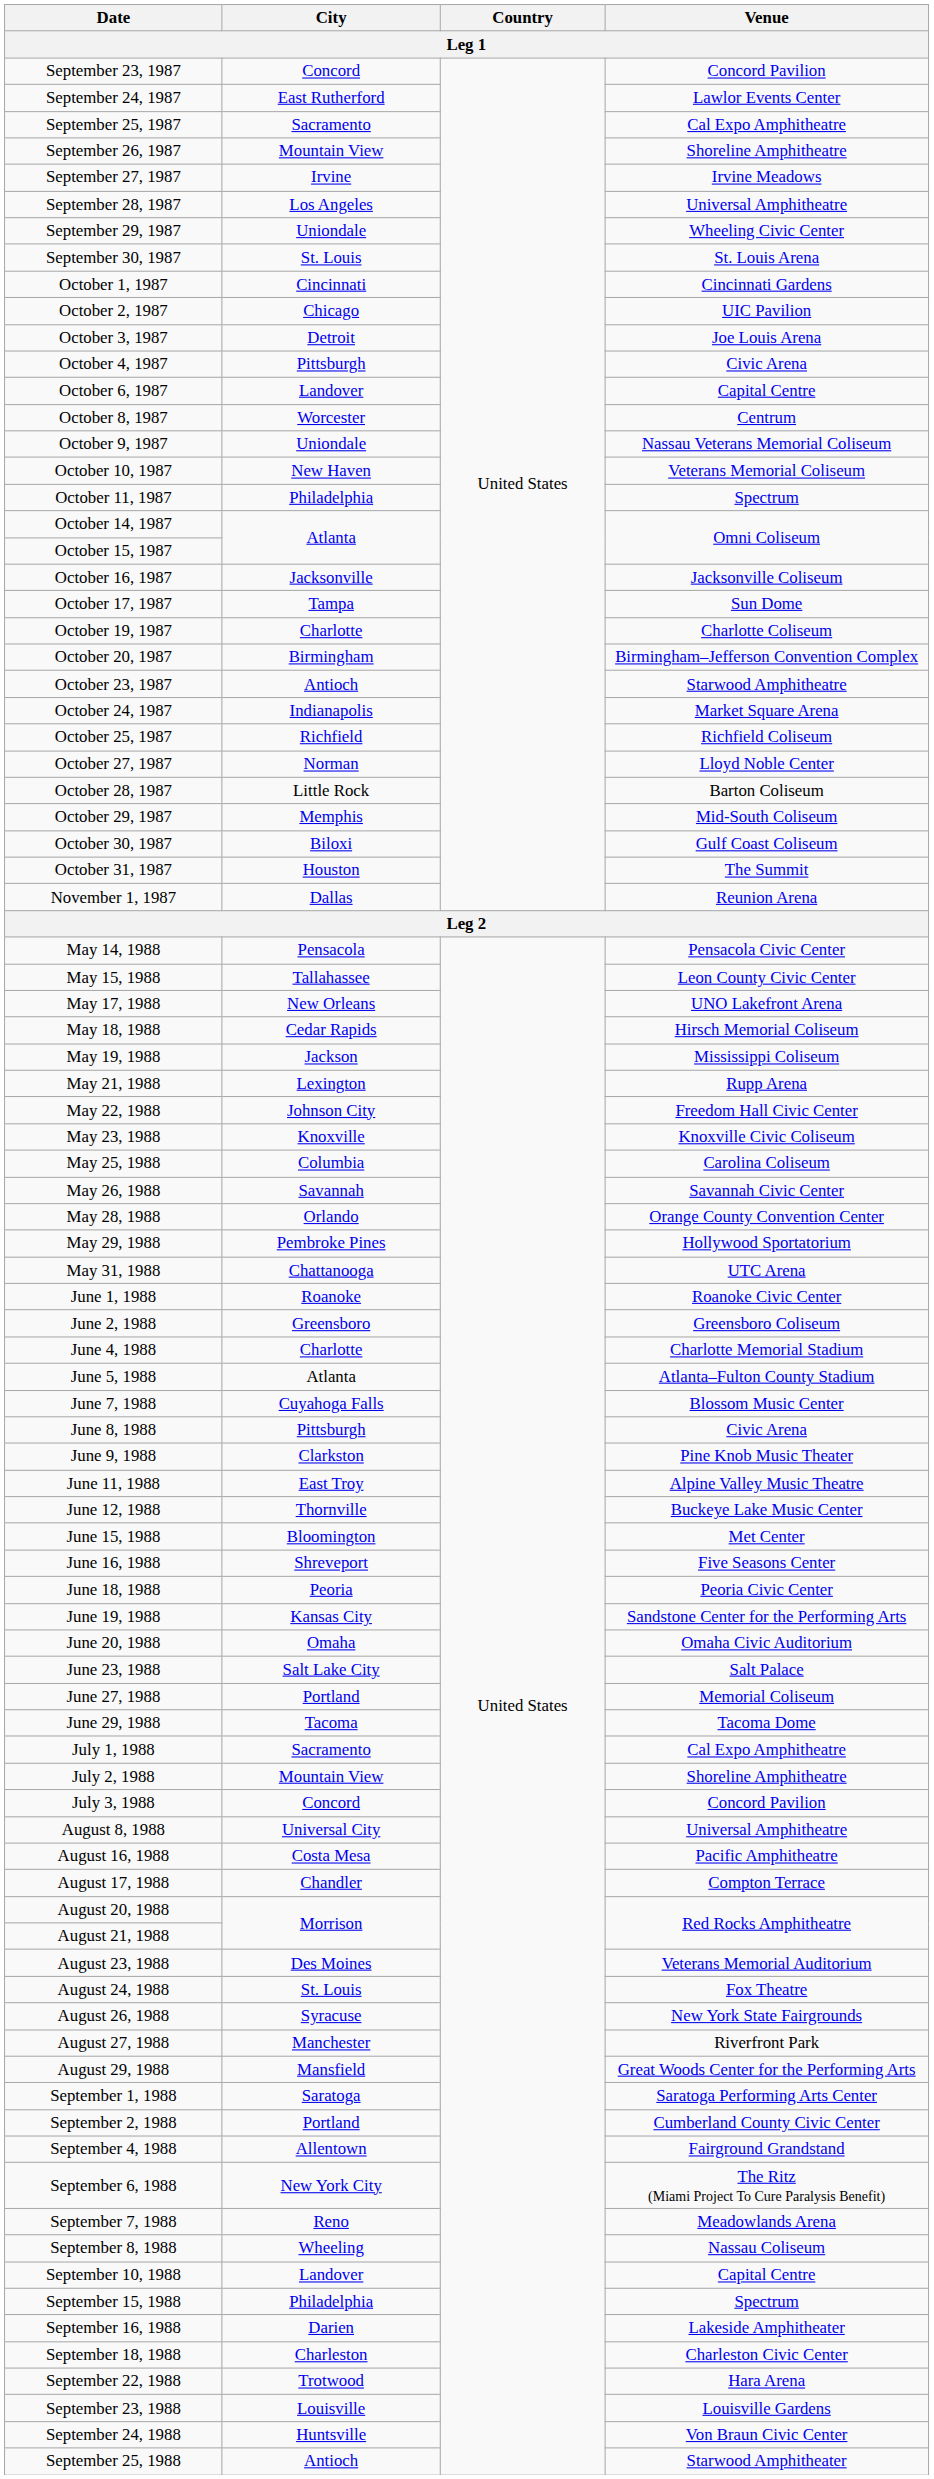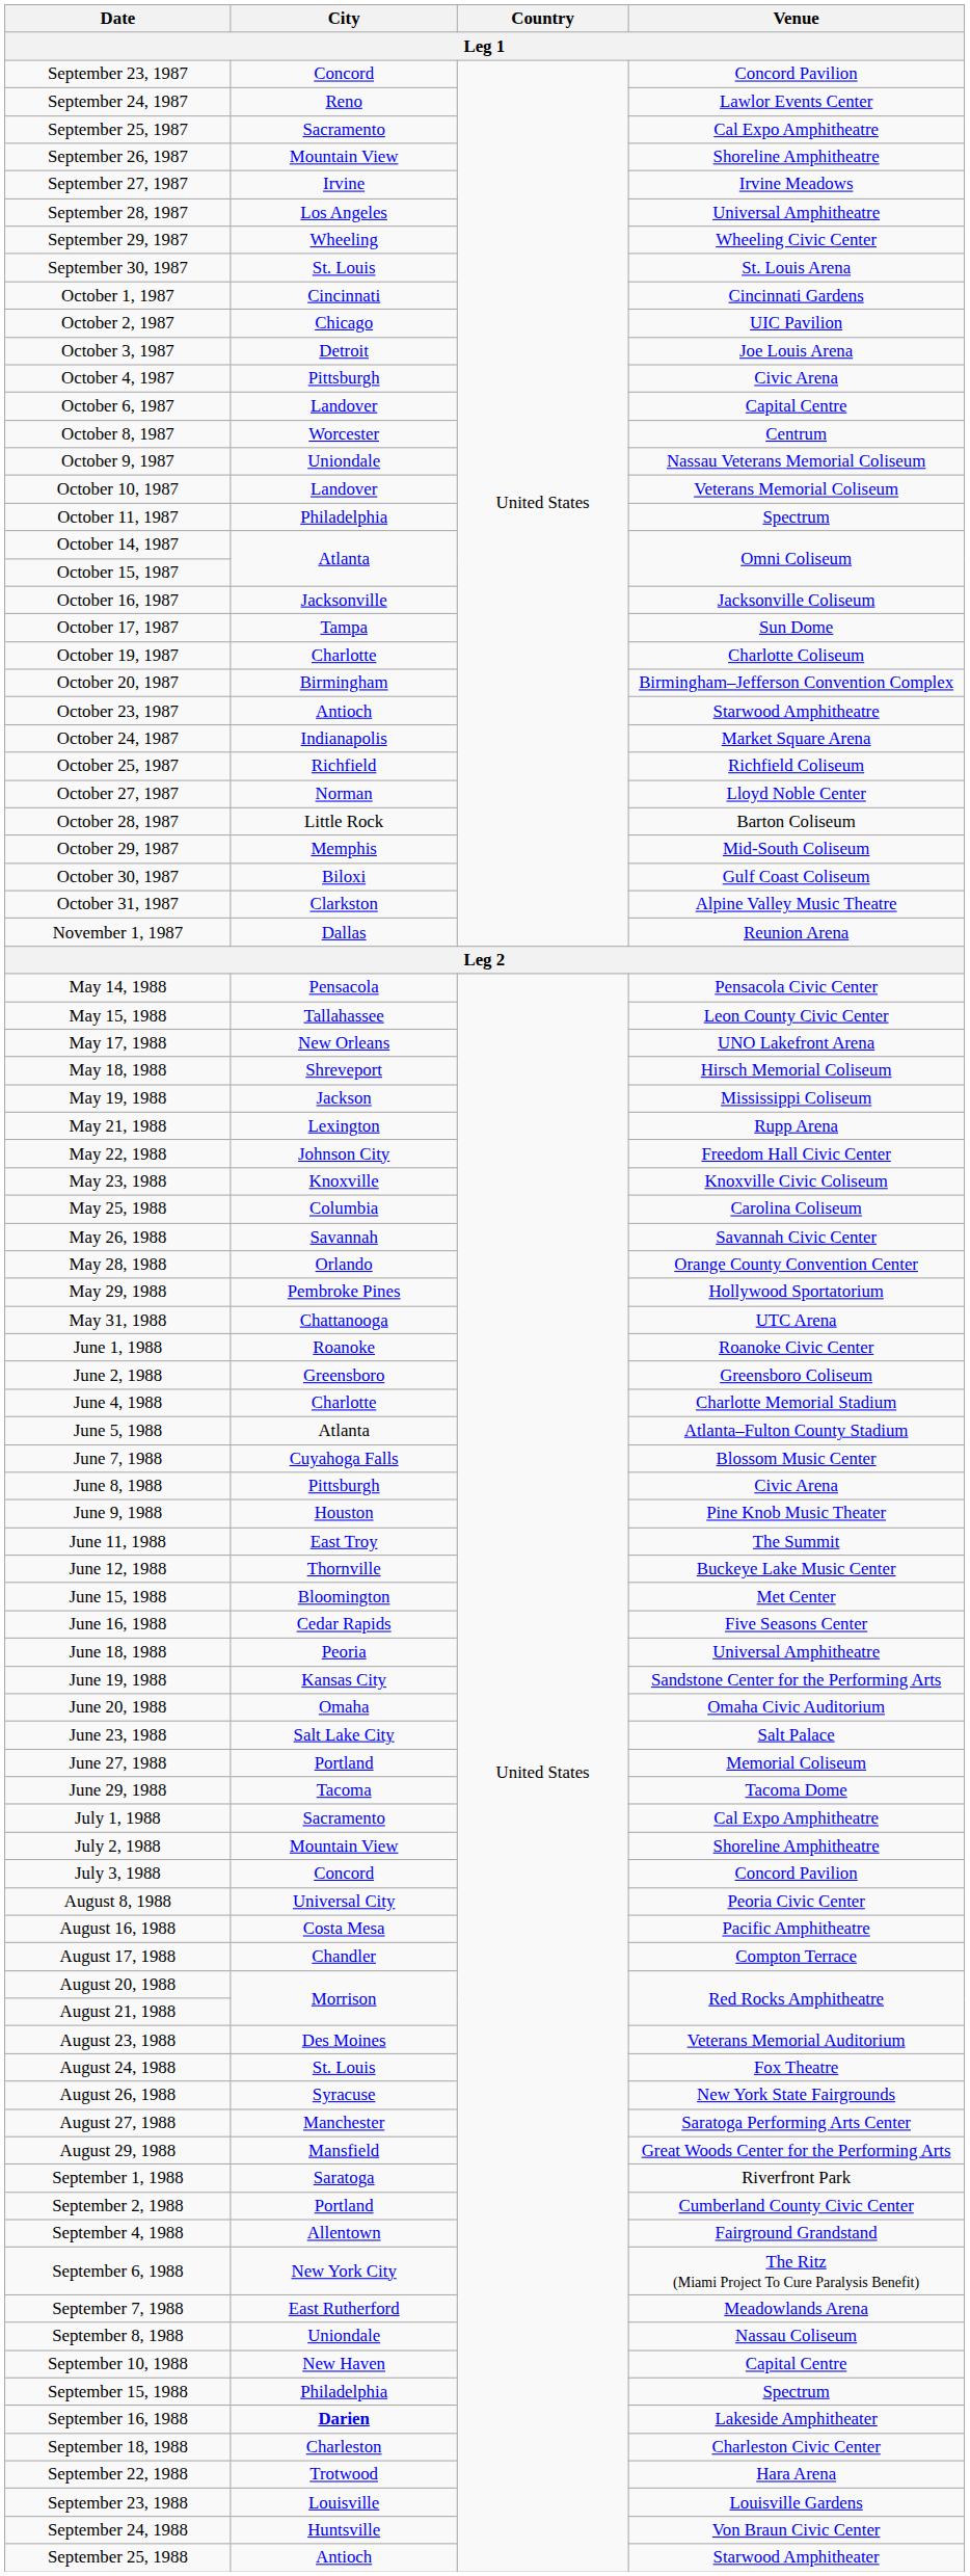 <table class="wikitable" style="text-align:center;">
 <tr>
 <th width="200">Date</th>
 <th width="200">City</th>
 <th width="150">Country</th>
 <th width="300">Venue</th>
 </tr>
 <tr>
 <th colspan="4">Leg 1</th>
 </tr>
 <tr>
 <td>September 23, 1987</td>
 <td><a href='#'>Concord</a></td>
 <td rowspan="32">United States</td>
 <td><a href='#'>Concord Pavilion</a></td>
 </tr>
 <tr>
 <td>September 24, 1987</td>
-<td><a href='#'>East Rutherford</a></td>
+<td><a href='#'>Reno</a></td>
 <td><a href='#'>Lawlor Events Center</a></td>
 </tr>
 <tr>
 <td>September 25, 1987</td>
 <td><a href='#'>Sacramento</a></td>
 <td><a href='#'>Cal Expo Amphitheatre</a></td>
 </tr>
 <tr>
 <td>September 26, 1987</td>
 <td><a href='#'>Mountain View</a></td>
 <td><a href='#'>Shoreline Amphitheatre</a></td>
 </tr>
 <tr>
 <td>September 27, 1987</td>
 <td><a href='#'>Irvine</a></td>
 <td><a href='#'>Irvine Meadows</a></td>
 </tr>
 <tr>
 <td>September 28, 1987</td>
 <td><a href='#'>Los Angeles</a></td>
 <td><a href='#'>Universal Amphitheatre</a></td>
 </tr>
 <tr>
 <td>September 29, 1987</td>
-<td><a href='#'>Uniondale</a></td>
+<td><a href='#'>Wheeling</a></td>
 <td><a href='#'>Wheeling Civic Center</a></td>
 </tr>
 <tr>
 <td>September 30, 1987</td>
 <td><a href='#'>St. Louis</a></td>
 <td><a href='#'>St. Louis Arena</a></td>
 </tr>
 <tr>
 <td>October 1, 1987</td>
 <td><a href='#'>Cincinnati</a></td>
 <td><a href='#'>Cincinnati Gardens</a></td>
 </tr>
 <tr>
 <td>October 2, 1987</td>
 <td><a href='#'>Chicago</a></td>
 <td><a href='#'>UIC Pavilion</a></td>
 </tr>
 <tr>
 <td>October 3, 1987</td>
 <td><a href='#'>Detroit</a></td>
 <td><a href='#'>Joe Louis Arena</a></td>
 </tr>
 <tr>
 <td>October 4, 1987</td>
 <td><a href='#'>Pittsburgh</a></td>
 <td><a href='#'>Civic Arena</a></td>
 </tr>
 <tr>
 <td>October 6, 1987</td>
 <td><a href='#'>Landover</a></td>
 <td><a href='#'>Capital Centre</a></td>
 </tr>
 <tr>
 <td>October 8, 1987</td>
 <td><a href='#'>Worcester</a></td>
 <td><a href='#'>Centrum</a></td>
 </tr>
 <tr>
 <td>October 9, 1987</td>
 <td><a href='#'>Uniondale</a></td>
 <td><a href='#'>Nassau Veterans Memorial Coliseum</a></td>
 </tr>
 <tr>
 <td>October 10, 1987</td>
-<td><a href='#'>New Haven</a></td>
+<td><a href='#'>Landover</a></td>
 <td><a href='#'>Veterans Memorial Coliseum</a></td>
 </tr>
 <tr>
 <td>October 11, 1987</td>
 <td><a href='#'>Philadelphia</a></td>
 <td><a href='#'>Spectrum</a></td>
 </tr>
 <tr>
 <td>October 14, 1987</td>
 <td rowspan="2"><a href='#'>Atlanta</a></td>
 <td rowspan="2"><a href='#'>Omni Coliseum</a></td>
 </tr>
 <tr>
 <td>October 15, 1987</td>
 </tr>
 <tr>
 <td>October 16, 1987</td>
 <td><a href='#'>Jacksonville</a></td>
 <td><a href='#'>Jacksonville Coliseum</a></td>
 </tr>
 <tr>
 <td>October 17, 1987</td>
 <td><a href='#'>Tampa</a></td>
 <td><a href='#'>Sun Dome</a></td>
 </tr>
 <tr>
 <td>October 19, 1987</td>
 <td><a href='#'>Charlotte</a></td>
 <td><a href='#'>Charlotte Coliseum</a></td>
 </tr>
 <tr>
 <td>October 20, 1987</td>
 <td><a href='#'>Birmingham</a></td>
 <td><a href='#'>Birmingham–Jefferson Convention Complex</a></td>
 </tr>
 <tr>
 <td>October 23, 1987</td>
 <td><a href='#'>Antioch</a></td>
 <td><a href='#'>Starwood Amphitheatre</a></td>
 </tr>
 <tr>
 <td>October 24, 1987</td>
 <td><a href='#'>Indianapolis</a></td>
 <td><a href='#'>Market Square Arena</a></td>
 </tr>
 <tr>
 <td>October 25, 1987</td>
 <td><a href='#'>Richfield</a></td>
 <td><a href='#'>Richfield Coliseum</a></td>
 </tr>
 <tr>
 <td>October 27, 1987</td>
 <td><a href='#'>Norman</a></td>
 <td><a href='#'>Lloyd Noble Center</a></td>
 </tr>
 <tr>
 <td>October 28, 1987</td>
 <td>Little Rock</td>
 <td>Barton Coliseum</td>
 </tr>
 <tr>
 <td>October 29, 1987</td>
 <td><a href='#'>Memphis</a></td>
 <td><a href='#'>Mid-South Coliseum</a></td>
 </tr>
 <tr>
 <td>October 30, 1987</td>
 <td><a href='#'>Biloxi</a></td>
 <td><a href='#'>Gulf Coast Coliseum</a></td>
 </tr>
 <tr>
 <td>October 31, 1987</td>
-<td><a href='#'>Houston</a></td>
-<td><a href='#'>The Summit</a></td>
+<td><a href='#'>Clarkston</a></td>
+<td><a href='#'>Alpine Valley Music Theatre</a></td>
 </tr>
 <tr>
 <td>November 1, 1987</td>
 <td><a href='#'>Dallas</a></td>
 <td><a href='#'>Reunion Arena</a></td>
 </tr>
 <tr>
 <th colspan="4">Leg 2</th>
 </tr>
 <tr>
 <td>May 14, 1988</td>
 <td><a href='#'>Pensacola</a></td>
 <td rowspan="57">United States</td>
 <td><a href='#'>Pensacola Civic Center</a></td>
 </tr>
 <tr>
 <td>May 15, 1988</td>
 <td><a href='#'>Tallahassee</a></td>
 <td><a href='#'>Leon County Civic Center</a></td>
 </tr>
 <tr>
 <td>May 17, 1988</td>
 <td><a href='#'>New Orleans</a></td>
 <td><a href='#'>UNO Lakefront Arena</a></td>
 </tr>
 <tr>
 <td>May 18, 1988</td>
-<td><a href='#'>Cedar Rapids</a></td>
+<td><a href='#'>Shreveport</a></td>
 <td><a href='#'>Hirsch Memorial Coliseum</a></td>
 </tr>
 <tr>
 <td>May 19, 1988</td>
 <td><a href='#'>Jackson</a></td>
 <td><a href='#'>Mississippi Coliseum</a></td>
 </tr>
 <tr>
 <td>May 21, 1988</td>
 <td><a href='#'>Lexington</a></td>
 <td><a href='#'>Rupp Arena</a></td>
 </tr>
 <tr>
 <td>May 22, 1988</td>
 <td><a href='#'>Johnson City</a></td>
 <td><a href='#'>Freedom Hall Civic Center</a></td>
 </tr>
 <tr>
 <td>May 23, 1988</td>
 <td><a href='#'>Knoxville</a></td>
 <td><a href='#'>Knoxville Civic Coliseum</a></td>
 </tr>
 <tr>
 <td>May 25, 1988</td>
 <td><a href='#'>Columbia</a></td>
 <td><a href='#'>Carolina Coliseum</a></td>
 </tr>
 <tr>
 <td>May 26, 1988</td>
 <td><a href='#'>Savannah</a></td>
 <td><a href='#'>Savannah Civic Center</a></td>
 </tr>
 <tr>
 <td>May 28, 1988</td>
 <td><a href='#'>Orlando</a></td>
 <td><a href='#'>Orange County Convention Center</a></td>
 </tr>
 <tr>
 <td>May 29, 1988</td>
 <td><a href='#'>Pembroke Pines</a></td>
 <td><a href='#'>Hollywood Sportatorium</a></td>
 </tr>
 <tr>
 <td>May 31, 1988</td>
 <td><a href='#'>Chattanooga</a></td>
 <td><a href='#'>UTC Arena</a></td>
 </tr>
 <tr>
 <td>June 1, 1988</td>
 <td><a href='#'>Roanoke</a></td>
 <td><a href='#'>Roanoke Civic Center</a></td>
 </tr>
 <tr>
 <td>June 2, 1988</td>
 <td><a href='#'>Greensboro</a></td>
 <td><a href='#'>Greensboro Coliseum</a></td>
 </tr>
 <tr>
 <td>June 4, 1988</td>
 <td><a href='#'>Charlotte</a></td>
 <td><a href='#'>Charlotte Memorial Stadium</a></td>
 </tr>
 <tr>
 <td>June 5, 1988</td>
 <td>Atlanta</td>
 <td><a href='#'>Atlanta–Fulton County Stadium</a></td>
 </tr>
 <tr>
 <td>June 7, 1988</td>
 <td><a href='#'>Cuyahoga Falls</a></td>
 <td><a href='#'>Blossom Music Center</a></td>
 </tr>
 <tr>
 <td>June 8, 1988</td>
 <td><a href='#'>Pittsburgh</a></td>
 <td><a href='#'>Civic Arena</a></td>
 </tr>
 <tr>
 <td>June 9, 1988</td>
-<td><a href='#'>Clarkston</a></td>
+<td><a href='#'>Houston</a></td>
 <td><a href='#'>Pine Knob Music Theater</a></td>
 </tr>
 <tr>
 <td>June 11, 1988</td>
 <td><a href='#'>East Troy</a></td>
-<td><a href='#'>Alpine Valley Music Theatre</a></td>
+<td><a href='#'>The Summit</a></td>
 </tr>
 <tr>
 <td>June 12, 1988</td>
 <td><a href='#'>Thornville</a></td>
 <td><a href='#'>Buckeye Lake Music Center</a></td>
 </tr>
 <tr>
 <td>June 15, 1988</td>
 <td><a href='#'>Bloomington</a></td>
 <td><a href='#'>Met Center</a></td>
 </tr>
 <tr>
 <td>June 16, 1988</td>
-<td><a href='#'>Shreveport</a></td>
+<td><a href='#'>Cedar Rapids</a></td>
 <td><a href='#'>Five Seasons Center</a></td>
 </tr>
 <tr>
 <td>June 18, 1988</td>
 <td><a href='#'>Peoria</a></td>
-<td><a href='#'>Peoria Civic Center</a></td>
+<td><a href='#'>Universal Amphitheatre</a></td>
 </tr>
 <tr>
 <td>June 19, 1988</td>
 <td><a href='#'>Kansas City</a></td>
 <td><a href='#'>Sandstone Center for the Performing Arts</a></td>
 </tr>
 <tr>
 <td>June 20, 1988</td>
 <td><a href='#'>Omaha</a></td>
 <td><a href='#'>Omaha Civic Auditorium</a></td>
 </tr>
 <tr>
 <td>June 23, 1988</td>
 <td><a href='#'>Salt Lake City</a></td>
 <td><a href='#'>Salt Palace</a></td>
 </tr>
 <tr>
 <td>June 27, 1988</td>
 <td><a href='#'>Portland</a></td>
 <td><a href='#'>Memorial Coliseum</a></td>
 </tr>
 <tr>
 <td>June 29, 1988</td>
 <td><a href='#'>Tacoma</a></td>
 <td><a href='#'>Tacoma Dome</a></td>
 </tr>
 <tr>
 <td>July 1, 1988</td>
 <td><a href='#'>Sacramento</a></td>
 <td><a href='#'>Cal Expo Amphitheatre</a></td>
 </tr>
 <tr>
 <td>July 2, 1988</td>
 <td><a href='#'>Mountain View</a></td>
 <td><a href='#'>Shoreline Amphitheatre</a></td>
 </tr>
 <tr>
 <td>July 3, 1988</td>
 <td><a href='#'>Concord</a></td>
 <td><a href='#'>Concord Pavilion</a></td>
 </tr>
 <tr>
 <td>August 8, 1988</td>
 <td><a href='#'>Universal City</a></td>
-<td><a href='#'>Universal Amphitheatre</a></td>
+<td><a href='#'>Peoria Civic Center</a></td>
 </tr>
 <tr>
 <td>August 16, 1988</td>
 <td><a href='#'>Costa Mesa</a></td>
 <td><a href='#'>Pacific Amphitheatre</a></td>
 </tr>
 <tr>
 <td>August 17, 1988</td>
 <td><a href='#'>Chandler</a></td>
 <td><a href='#'>Compton Terrace</a></td>
 </tr>
 <tr>
 <td>August 20, 1988</td>
 <td rowspan="2"><a href='#'>Morrison</a></td>
 <td rowspan="2"><a href='#'>Red Rocks Amphitheatre</a></td>
 </tr>
 <tr>
 <td>August 21, 1988</td>
 </tr>
 <tr>
 <td>August 23, 1988</td>
 <td><a href='#'>Des Moines</a></td>
 <td><a href='#'>Veterans Memorial Auditorium</a></td>
 </tr>
 <tr>
 <td>August 24, 1988</td>
 <td><a href='#'>St. Louis</a></td>
 <td><a href='#'>Fox Theatre</a></td>
 </tr>
 <tr>
 <td>August 26, 1988</td>
 <td><a href='#'>Syracuse</a></td>
 <td><a href='#'>New York State Fairgrounds</a></td>
 </tr>
 <tr>
 <td>August 27, 1988</td>
 <td><a href='#'>Manchester</a></td>
-<td>Riverfront Park</td>
+<td><a href='#'>Saratoga Performing Arts Center</a></td>
 </tr>
 <tr>
 <td>August 29, 1988</td>
 <td><a href='#'>Mansfield</a></td>
 <td><a href='#'>Great Woods Center for the Performing Arts</a></td>
 </tr>
 <tr>
 <td>September 1, 1988</td>
 <td><a href='#'>Saratoga</a></td>
-<td><a href='#'>Saratoga Performing Arts Center</a></td>
+<td>Riverfront Park</td>
 </tr>
 <tr>
 <td>September 2, 1988</td>
 <td><a href='#'>Portland</a></td>
 <td><a href='#'>Cumberland County Civic Center</a></td>
 </tr>
 <tr>
 <td>September 4, 1988</td>
 <td><a href='#'>Allentown</a></td>
 <td><a href='#'>Fairground Grandstand</a></td>
 </tr>
 <tr>
 <td>September 6, 1988</td>
 <td><a href='#'>New York City</a></td>
 <td><a href='#'>The Ritz</a> <br><small>(Miami Project To Cure Paralysis Benefit)</small></td>
 </tr>
 <tr>
 <td>September 7, 1988</td>
-<td><a href='#'>Reno</a></td>
+<td><a href='#'>East Rutherford</a></td>
 <td><a href='#'>Meadowlands Arena</a></td>
 </tr>
 <tr>
 <td>September 8, 1988</td>
-<td><a href='#'>Wheeling</a></td>
+<td><a href='#'>Uniondale</a></td>
 <td><a href='#'>Nassau Coliseum</a></td>
 </tr>
 <tr>
 <td>September 10, 1988</td>
-<td><a href='#'>Landover</a></td>
+<td><a href='#'>New Haven</a></td>
 <td><a href='#'>Capital Centre</a></td>
 </tr>
 <tr>
 <td>September 15, 1988</td>
 <td><a href='#'>Philadelphia</a></td>
 <td><a href='#'>Spectrum</a></td>
 </tr>
 <tr>
 <td>September 16, 1988</td>
-<td><a href='#'>Darien</a></td>
+<td><strong><a href='#'>Darien</a></strong></td>
 <td><a href='#'>Lakeside Amphitheater</a></td>
 </tr>
 <tr>
 <td>September 18, 1988</td>
 <td><a href='#'>Charleston</a></td>
 <td><a href='#'>Charleston Civic Center</a></td>
 </tr>
 <tr>
 <td>September 22, 1988</td>
 <td><a href='#'>Trotwood</a></td>
 <td><a href='#'>Hara Arena</a></td>
 </tr>
 <tr>
 <td>September 23, 1988</td>
 <td><a href='#'>Louisville</a></td>
 <td><a href='#'>Louisville Gardens</a></td>
 </tr>
 <tr>
 <td>September 24, 1988</td>
 <td><a href='#'>Huntsville</a></td>
 <td><a href='#'>Von Braun Civic Center</a></td>
 </tr>
 <tr>
 <td>September 25, 1988</td>
 <td><a href='#'>Antioch</a></td>
 <td><a href='#'>Starwood Amphitheater</a></td>
 </tr>
 </table>
